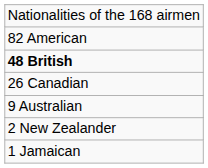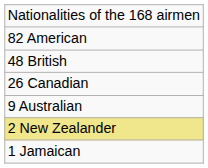 <table class="wikitable" style="float:right;">
 <tr>
 <td>Nationalities of the 168 airmen</td>
 </tr>
 <tr>
 <td> 82 American</td>
 </tr>
 <tr>
-<td><strong> 48 British</strong></td>
+<td> 48 British</td>
 </tr>
 <tr>
 <td> 26 Canadian</td>
 </tr>
 <tr>
 <td> 9 Australian</td>
 </tr>
 <tr>
-<td> 2 New Zealander</td>
+<td style="background: khaki;"> 2 New Zealander</td>
 </tr>
 <tr>
 <td> 1 Jamaican</td>
 </tr>
 </table>
